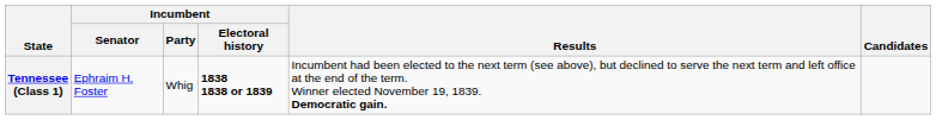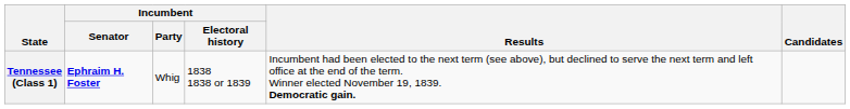 <table class=wikitable>
 <tr valign=bottom>
 <th rowspan=2>State</th>
 <th colspan=3>Incumbent</th>
 <th rowspan=2>Results</th>
 <th rowspan=2>Candidates</th>
 </tr>
 <tr>
 <th>Senator</th>
 <th>Party</th>
 <th>Electoral history</th>
 </tr>
 <tr>
 <th><a href='#'>Tennessee</a><br>(Class 1)</th>
-<td><a href='#'>Ephraim H. Foster</a></td>
+<td><strong><a href='#'>Ephraim H. Foster</a></strong></td>
 <td>Whig</td>
-<td><strong>1838 <br>1838 or 1839</strong></td>
+<td>1838 <br>1838 or 1839</td>
 <td>Incumbent had been elected to the next term (see above), but declined to serve the next term and left office at the end of the term.<br>Winner elected November 19, 1839.<br><strong>Democratic gain.</strong></td>
 <td nowrap></td>
 </tr>
 </table>
